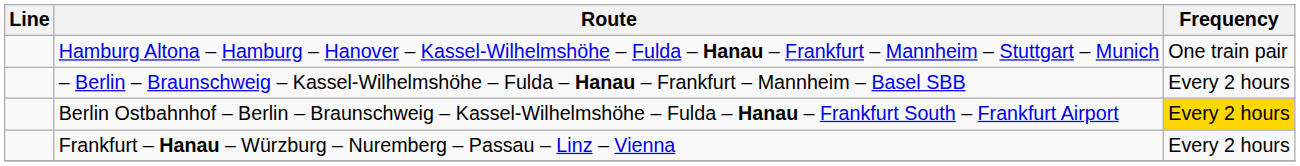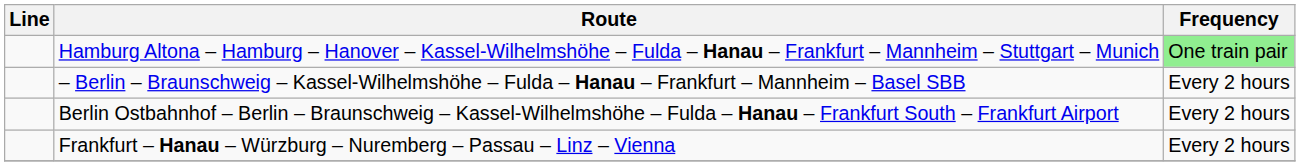 <table class="wikitable">
 <tr class="hintergrundfarbe5">
 <th>Line</th>
 <th>Route</th>
 <th>Frequency</th>
 </tr>
 <tr>
 <td></td>
 <td><a href='#'>Hamburg Altona</a> – <a href='#'>Hamburg</a> – <a href='#'>Hanover</a> – <a href='#'>Kassel-Wilhelmshöhe</a> – <a href='#'>Fulda</a> – <strong>Hanau</strong> – <a href='#'>Frankfurt</a> – <a href='#'>Mannheim</a> – <a href='#'>Stuttgart</a> – <a href='#'>Munich</a></td>
-<td>One train pair</td>
+<td style="background: lightgreen;">One train pair</td>
 </tr>
 <tr>
 <td></td>
 <td> – <a href='#'>Berlin</a> – <a href='#'>Braunschweig</a> – Kassel-Wilhelmshöhe – Fulda – <strong>Hanau</strong> – Frankfurt – Mannheim – <a href='#'>Basel SBB</a></td>
 <td>Every 2 hours</td>
 </tr>
 <tr>
 <td></td>
 <td>Berlin Ostbahnhof – Berlin – Braunschweig – Kassel-Wilhelmshöhe –  Fulda – <strong>Hanau</strong> – <a href='#'>Frankfurt South</a> – <a href='#'>Frankfurt Airport</a></td>
-<td style="background: gold;">Every 2 hours</td>
+<td>Every 2 hours</td>
 </tr>
 <tr>
 <td></td>
 <td>Frankfurt – <strong>Hanau</strong> – Würzburg – Nuremberg – Passau – <a href='#'>Linz</a> – <a href='#'>Vienna</a></td>
 <td>Every 2 hours</td>
 </tr>
 <tr>
 </tr>
 </table>
